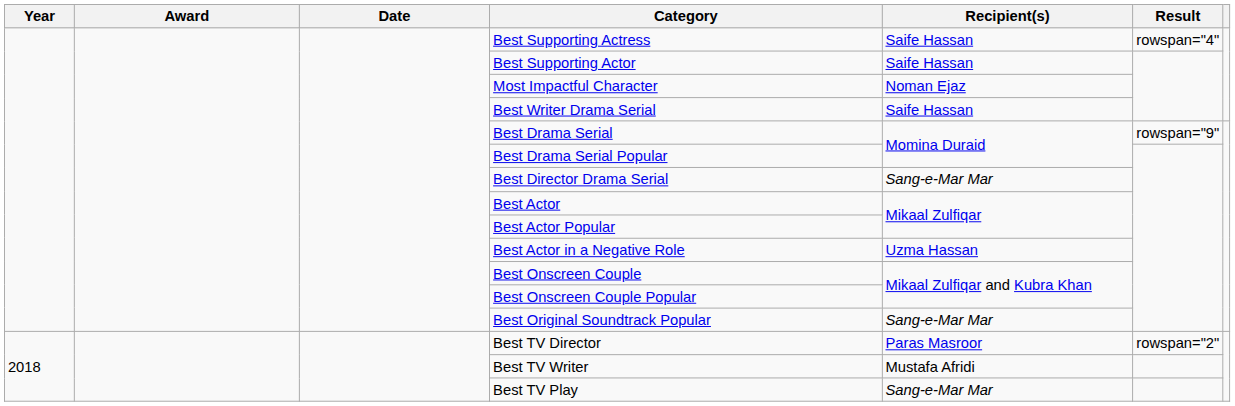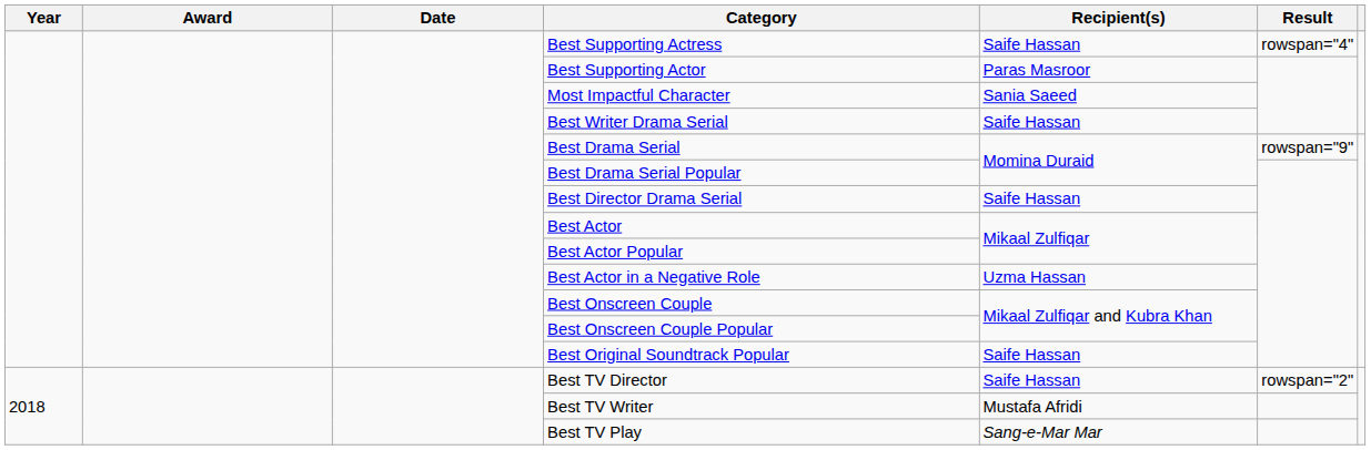 <table class="wikitable" width="100%" style="font-size: 95%;">
 <tr style="background:#ccc; text-align:center;">
 <th scope="col" width="6%">Year</th>
 <th scope="col" width="20%">Award</th>
 <th scope="col" width="17%">Date</th>
 <th scope="col" width="35%">Category</th>
 <th scope="col" width="30%">Recipient(s)</th>
 <th scope="col" width="10%">Result</th>
 <th></th>
 </tr>
 <tr>
 <td rowspan="13"></td>
 <td rowspan="13"></td>
 <td rowspan="13"></td>
 <td><a href='#'>Best Supporting Actress</a></td>
 <td><a href='#'>Saife Hassan</a></td>
 <td>rowspan="4" </td>
 <td rowspan="4"></td>
 </tr>
 <tr>
 <td><a href='#'>Best Supporting Actor</a></td>
-<td><a href='#'>Saife Hassan</a></td>
+<td><a href='#'>Paras Masroor</a></td>
 </tr>
 <tr>
 <td><a href='#'>Most Impactful Character</a></td>
-<td><a href='#'>Noman Ejaz</a></td>
+<td><a href='#'>Sania Saeed</a></td>
 </tr>
 <tr>
 <td><a href='#'>Best Writer Drama Serial</a></td>
 <td><a href='#'>Saife Hassan</a></td>
 </tr>
 <tr>
 <td><a href='#'>Best Drama Serial</a></td>
 <td rowspan="2"><a href='#'>Momina Duraid</a></td>
 <td>rowspan="9" </td>
 <td rowspan="9"></td>
 </tr>
 <tr>
 <td><a href='#'>Best Drama Serial Popular</a></td>
 </tr>
 <tr>
 <td><a href='#'>Best Director Drama Serial</a></td>
-<td><em>Sang-e-Mar Mar</em></td>
+<td><a href='#'>Saife Hassan</a></td>
 </tr>
 <tr>
 <td><a href='#'>Best Actor</a></td>
 <td rowspan="2"><a href='#'>Mikaal Zulfiqar</a></td>
 </tr>
 <tr>
 <td><a href='#'>Best Actor Popular</a></td>
 </tr>
 <tr>
 <td><a href='#'>Best Actor in a Negative Role</a></td>
 <td><a href='#'>Uzma Hassan</a></td>
 </tr>
 <tr>
 <td><a href='#'>Best Onscreen Couple</a></td>
 <td rowspan="2"><a href='#'>Mikaal Zulfiqar</a> and <a href='#'>Kubra Khan</a></td>
 </tr>
 <tr>
 <td><a href='#'>Best Onscreen Couple Popular</a></td>
 </tr>
 <tr>
 <td><a href='#'>Best Original Soundtrack Popular</a></td>
-<td><em>Sang-e-Mar Mar</em></td>
+<td><a href='#'>Saife Hassan</a></td>
 </tr>
 <tr>
 <td rowspan="3">2018</td>
 <td rowspan="3"></td>
 <td rowspan="3"></td>
 <td>Best TV Director</td>
-<td><a href='#'>Paras Masroor</a></td>
+<td><a href='#'>Saife Hassan</a></td>
 <td>rowspan="2" </td>
 <td rowspan="3"></td>
 </tr>
 <tr>
 <td>Best TV Writer</td>
 <td>Mustafa Afridi</td>
 </tr>
 <tr>
 <td>Best TV Play</td>
 <td><em>Sang-e-Mar Mar</em></td>
 <td></td>
 </tr>
 </table>
